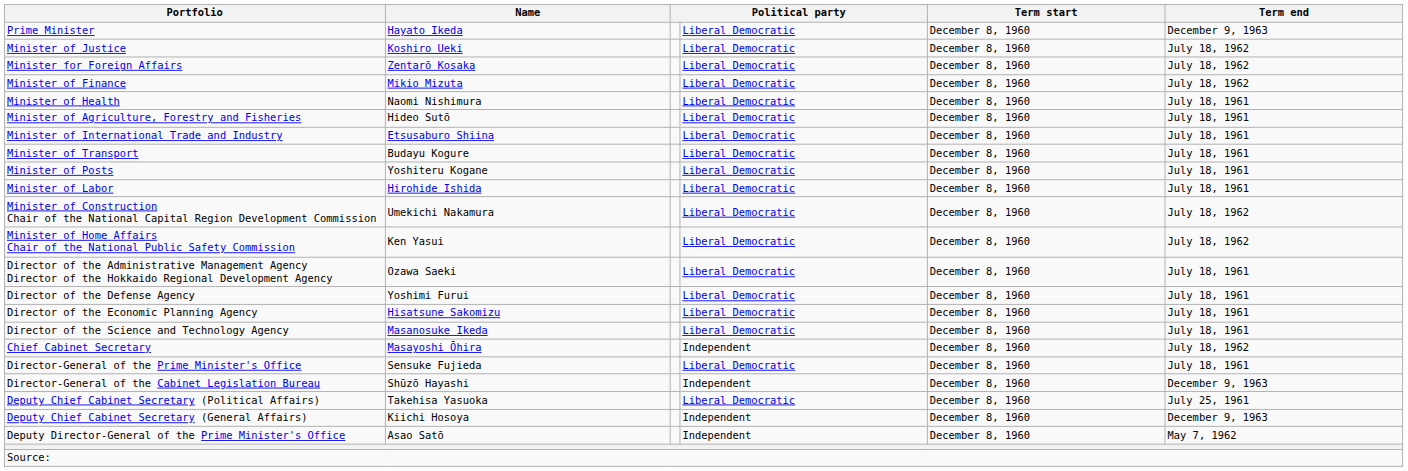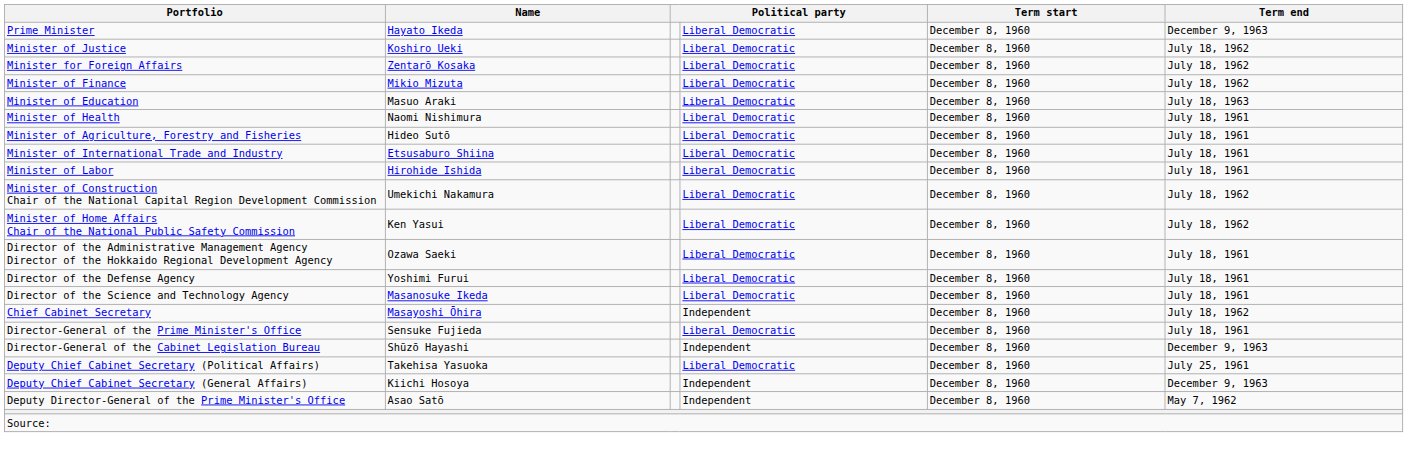 <table class="wikitable unsortable" style="font-size: 90%;">
 <tr>
 <th scope="col" width="20%">Portfolio</th>
 <th scope="col" width="15%">Name</th>
 <th colspan="2" scope="col" width="13.5%">Political party</th>
 <th scope="col" width="12.5%">Term start</th>
 <th scope="col" width="12.5%">Term end</th>
 </tr>
 <tr>
 <td style="text-align: left;"><a href='#'>Prime Minister</a></td>
 <td><a href='#'>Hayato Ikeda</a></td>
 <td width="0.5%" style="background:"></td>
 <td><a href='#'>Liberal Democratic</a></td>
 <td>December 8, 1960</td>
 <td>December 9, 1963</td>
 </tr>
 <tr>
 <td><a href='#'>Minister of Justice</a></td>
 <td><a href='#'>Koshiro Ueki</a></td>
 <td style="color:inherit;background:"></td>
 <td><a href='#'>Liberal Democratic</a></td>
 <td>December 8, 1960</td>
 <td>July 18, 1962</td>
 </tr>
 <tr>
 <td><a href='#'>Minister for Foreign Affairs</a></td>
 <td><a href='#'>Zentarō Kosaka</a></td>
 <td style="color:inherit;background:"></td>
 <td><a href='#'>Liberal Democratic</a></td>
 <td>December 8, 1960</td>
 <td>July 18, 1962</td>
 </tr>
 <tr>
 <td><a href='#'>Minister of Finance</a></td>
 <td><a href='#'>Mikio Mizuta</a></td>
 <td style="color:inherit;background:"></td>
 <td><a href='#'>Liberal Democratic</a></td>
 <td>December 8, 1960</td>
 <td>July 18, 1962</td>
 </tr>
 <tr>
+<td><a href='#'>Minister of Education</a></td>
+<td>Masuo Araki</td>
+<td style="color:inherit;background:"></td>
+<td><a href='#'>Liberal Democratic</a></td>
+<td>December 8, 1960</td>
+<td>July 18, 1963</td>
+</tr>
+<tr>
 <td><a href='#'>Minister of Health</a></td>
 <td>Naomi Nishimura</td>
 <td style="color:inherit;background:"></td>
 <td><a href='#'>Liberal Democratic</a></td>
 <td>December 8, 1960</td>
 <td>July 18, 1961</td>
 </tr>
 <tr>
 <td><a href='#'>Minister of Agriculture, Forestry and Fisheries</a></td>
 <td>Hideo Sutō</td>
 <td style="color:inherit;background:"></td>
 <td><a href='#'>Liberal Democratic</a></td>
 <td>December 8, 1960</td>
 <td>July 18, 1961</td>
 </tr>
 <tr>
 <td><a href='#'>Minister of International Trade and Industry</a></td>
 <td><a href='#'>Etsusaburo Shiina</a></td>
-<td style="color:inherit;background:"></td>
-<td><a href='#'>Liberal Democratic</a></td>
-<td>December 8, 1960</td>
-<td>July 18, 1961</td>
-</tr>
-<tr>
-<td><a href='#'>Minister of Transport</a></td>
-<td>Budayu Kogure</td>
-<td style="color:inherit;background:"></td>
-<td><a href='#'>Liberal Democratic</a></td>
-<td>December 8, 1960</td>
-<td>July 18, 1961</td>
-</tr>
-<tr>
-<td><a href='#'>Minister of Posts</a></td>
-<td>Yoshiteru Kogane</td>
 <td style="color:inherit;background:"></td>
 <td><a href='#'>Liberal Democratic</a></td>
 <td>December 8, 1960</td>
 <td>July 18, 1961</td>
 </tr>
 <tr>
 <td><a href='#'>Minister of Labor</a></td>
 <td><a href='#'>Hirohide Ishida</a></td>
 <td style="color:inherit;background:"></td>
 <td><a href='#'>Liberal Democratic</a></td>
 <td>December 8, 1960</td>
 <td>July 18, 1961</td>
 </tr>
 <tr>
 <td><a href='#'>Minister of Construction</a><br>Chair of the National Capital Region Development Commission</td>
 <td>Umekichi Nakamura</td>
 <td style="color:inherit;background:"></td>
 <td><a href='#'>Liberal Democratic</a></td>
 <td>December 8, 1960</td>
 <td>July 18, 1962</td>
 </tr>
 <tr>
 <td><a href='#'>Minister of Home Affairs</a><br><a href='#'>Chair of the National Public Safety Commission</a></td>
 <td>Ken Yasui</td>
 <td style="color:inherit;background:"></td>
 <td><a href='#'>Liberal Democratic</a></td>
 <td>December 8, 1960</td>
 <td>July 18, 1962</td>
 </tr>
 <tr>
 <td>Director of the Administrative Management Agency<br>Director of the Hokkaido Regional Development Agency</td>
 <td>Ozawa Saeki</td>
 <td style="color:inherit;background:"></td>
 <td><a href='#'>Liberal Democratic</a></td>
 <td>December 8, 1960</td>
 <td>July 18, 1961</td>
 </tr>
 <tr>
 <td>Director of the Defense Agency</td>
 <td>Yoshimi Furui</td>
-<td style="color:inherit;background:"></td>
-<td><a href='#'>Liberal Democratic</a></td>
-<td>December 8, 1960</td>
-<td>July 18, 1961</td>
-</tr>
-<tr>
-<td>Director of the Economic Planning Agency</td>
-<td><a href='#'>Hisatsune Sakomizu</a></td>
 <td style="color:inherit;background:"></td>
 <td><a href='#'>Liberal Democratic</a></td>
 <td>December 8, 1960</td>
 <td>July 18, 1961</td>
 </tr>
 <tr>
 <td>Director of the Science and Technology Agency</td>
 <td><a href='#'>Masanosuke Ikeda</a></td>
 <td style="color:inherit;background:"></td>
 <td><a href='#'>Liberal Democratic</a></td>
 <td>December 8, 1960</td>
 <td>July 18, 1961</td>
 </tr>
 <tr>
 <td><a href='#'>Chief Cabinet Secretary</a></td>
 <td><a href='#'>Masayoshi Ōhira</a></td>
 <td style="color:inherit;background:"></td>
 <td>Independent</td>
 <td>December 8, 1960</td>
 <td>July 18, 1962</td>
 </tr>
 <tr>
 <td>Director-General of the <a href='#'>Prime Minister's Office</a></td>
 <td>Sensuke Fujieda</td>
 <td style="color:inherit;background:"></td>
 <td><a href='#'>Liberal Democratic</a></td>
 <td>December 8, 1960</td>
 <td>July 18, 1961</td>
 </tr>
 <tr>
 <td>Director-General of the <a href='#'>Cabinet Legislation Bureau</a></td>
 <td>Shūzō Hayashi</td>
 <td style="color:inherit;background:"></td>
 <td>Independent</td>
 <td>December 8, 1960</td>
 <td>December 9, 1963</td>
 </tr>
 <tr>
 <td><a href='#'>Deputy Chief Cabinet Secretary</a> (Political Affairs)</td>
 <td>Takehisa Yasuoka</td>
 <td style="color:inherit;background:"></td>
 <td><a href='#'>Liberal Democratic</a></td>
 <td>December 8, 1960</td>
 <td>July 25, 1961</td>
 </tr>
 <tr>
 <td><a href='#'>Deputy Chief Cabinet Secretary</a> (General Affairs)</td>
 <td>Kiichi Hosoya</td>
 <td style="color:inherit;background:"></td>
 <td>Independent</td>
 <td>December 8, 1960</td>
 <td>December 9, 1963</td>
 </tr>
 <tr>
 <td>Deputy Director-General of the <a href='#'>Prime Minister's Office</a></td>
 <td>Asao Satō</td>
 <td style="color:inherit;background:"></td>
 <td>Independent</td>
 <td>December 8, 1960</td>
 <td>May 7, 1962</td>
 </tr>
 <tr>
 <th colspan="6"></th>
 </tr>
 <tr>
 <td colspan="6">Source:</td>
 </tr>
 </table>
